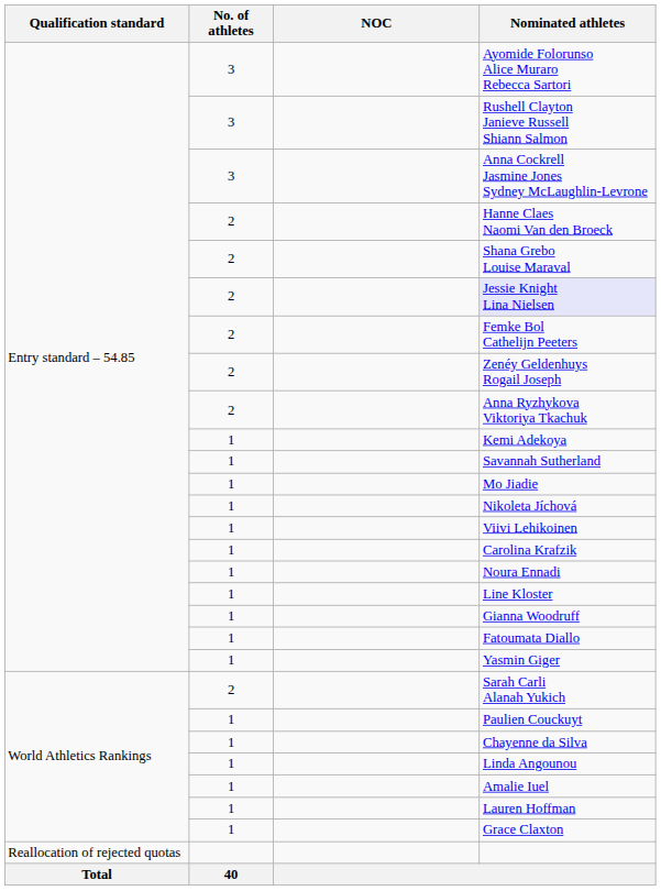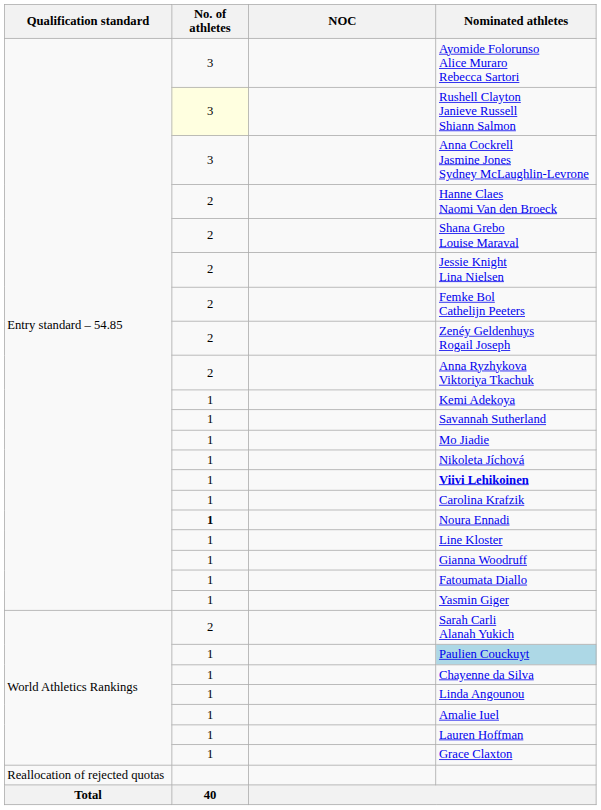 <table class="wikitable sortable" style="text-align:left; width:750px;">
 <tr>
 <th>Qualification standard</th>
 <th width=90>No. of athletes</th>
 <th width=230>NOC</th>
 <th>Nominated athletes</th>
 </tr>
 <tr>
 <td rowspan=20>Entry standard – 54.85</td>
 <td align=center>3</td>
 <td></td>
 <td><a href='#'>Ayomide Folorunso</a><br><a href='#'>Alice Muraro</a><br><a href='#'>Rebecca Sartori</a></td>
 </tr>
 <tr>
-<td align=center>3</td>
+<td align=center style="background: lightyellow;">3</td>
 <td></td>
 <td><a href='#'>Rushell Clayton</a><br><a href='#'>Janieve Russell</a><br><a href='#'>Shiann Salmon</a></td>
 </tr>
 <tr>
 <td align=center>3</td>
 <td></td>
 <td><a href='#'>Anna Cockrell</a><br><a href='#'>Jasmine Jones</a><br><a href='#'>Sydney McLaughlin-Levrone</a></td>
 </tr>
 <tr>
 <td align=center>2</td>
 <td></td>
 <td><a href='#'>Hanne Claes</a><br><a href='#'>Naomi Van den Broeck</a></td>
 </tr>
 <tr>
 <td align=center>2</td>
 <td></td>
 <td><a href='#'>Shana Grebo</a><br><a href='#'>Louise Maraval</a></td>
 </tr>
 <tr>
 <td align=center>2</td>
 <td></td>
-<td style="background: lavender;"><a href='#'>Jessie Knight</a><br><a href='#'>Lina Nielsen</a></td>
+<td><a href='#'>Jessie Knight</a><br><a href='#'>Lina Nielsen</a></td>
 </tr>
 <tr>
 <td align=center>2</td>
 <td></td>
 <td><a href='#'>Femke Bol</a><br><a href='#'>Cathelijn Peeters</a></td>
 </tr>
 <tr>
 <td align=center>2</td>
 <td></td>
 <td><a href='#'>Zenéy Geldenhuys</a><br><a href='#'>Rogail Joseph</a></td>
 </tr>
 <tr>
 <td align=center>2</td>
 <td></td>
 <td><a href='#'>Anna Ryzhykova</a><br><a href='#'>Viktoriya Tkachuk</a></td>
 </tr>
 <tr>
 <td align=center>1</td>
 <td></td>
 <td><a href='#'>Kemi Adekoya</a></td>
 </tr>
 <tr>
 <td align=center>1</td>
 <td></td>
 <td><a href='#'>Savannah Sutherland</a></td>
 </tr>
 <tr>
 <td align=center>1</td>
 <td></td>
 <td><a href='#'>Mo Jiadie</a></td>
 </tr>
 <tr>
 <td align=center>1</td>
 <td></td>
 <td><a href='#'>Nikoleta Jíchová</a></td>
 </tr>
 <tr>
 <td align=center>1</td>
 <td></td>
-<td><a href='#'>Viivi Lehikoinen</a></td>
+<td><strong><a href='#'>Viivi Lehikoinen</a></strong></td>
 </tr>
 <tr>
 <td align=center>1</td>
 <td></td>
 <td><a href='#'>Carolina Krafzik</a></td>
 </tr>
 <tr>
-<td align=center>1</td>
+<td align=center><strong>1</strong></td>
 <td></td>
 <td><a href='#'>Noura Ennadi</a></td>
 </tr>
 <tr>
 <td align=center>1</td>
 <td></td>
 <td><a href='#'>Line Kloster</a></td>
 </tr>
 <tr>
 <td align=center>1</td>
 <td></td>
 <td><a href='#'>Gianna Woodruff</a></td>
 </tr>
 <tr>
 <td align=center>1</td>
 <td></td>
 <td><a href='#'>Fatoumata Diallo</a></td>
 </tr>
 <tr>
 <td align=center>1</td>
 <td></td>
 <td><a href='#'>Yasmin Giger</a></td>
 </tr>
 <tr>
 <td rowspan =7>World Athletics Rankings</td>
 <td align=center>2</td>
 <td></td>
 <td><a href='#'>Sarah Carli</a><br><a href='#'>Alanah Yukich</a></td>
 </tr>
 <tr>
 <td align=center>1</td>
 <td></td>
-<td><a href='#'>Paulien Couckuyt</a></td>
+<td style="background: lightblue;"><a href='#'>Paulien Couckuyt</a></td>
 </tr>
 <tr>
 <td align=center>1</td>
 <td></td>
 <td><a href='#'>Chayenne da Silva</a></td>
 </tr>
 <tr>
 <td align=center>1</td>
 <td></td>
 <td><a href='#'>Linda Angounou</a></td>
 </tr>
 <tr>
 <td align=center>1</td>
 <td></td>
 <td><a href='#'>Amalie Iuel</a></td>
 </tr>
 <tr>
 <td align=center>1</td>
 <td></td>
 <td><a href='#'>Lauren Hoffman</a></td>
 </tr>
 <tr>
 <td align=center>1</td>
 <td></td>
 <td><a href='#'>Grace Claxton</a></td>
 </tr>
 <tr>
 <td>Reallocation of rejected quotas</td>
 <td align=center></td>
 <td></td>
 <td></td>
 </tr>
 <tr>
 <th>Total</th>
 <th>40</th>
 <th colspan=2></th>
 </tr>
 </table>
